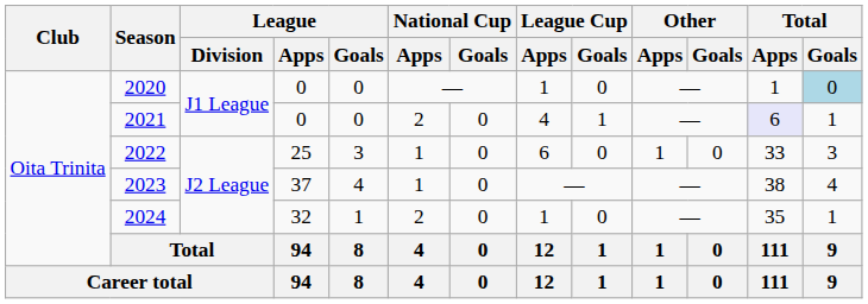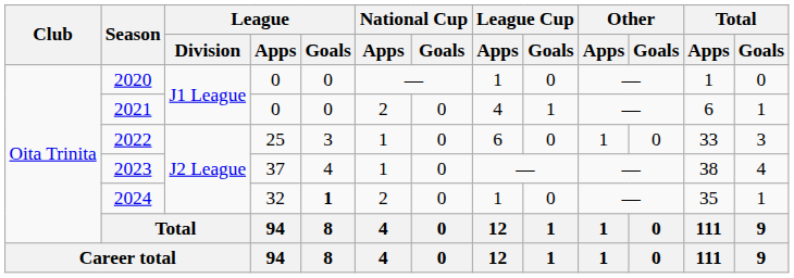 <table class="wikitable" style="text-align: center">
 <tr>
 <th rowspan="2">Club</th>
 <th rowspan="2">Season</th>
 <th colspan="3">League</th>
 <th colspan="2">National Cup</th>
 <th colspan="2">League Cup</th>
 <th colspan="2">Other</th>
 <th colspan="2">Total</th>
 </tr>
 <tr>
 <th>Division</th>
 <th>Apps</th>
 <th>Goals</th>
 <th>Apps</th>
 <th>Goals</th>
 <th>Apps</th>
 <th>Goals</th>
 <th>Apps</th>
 <th>Goals</th>
 <th>Apps</th>
 <th>Goals</th>
 </tr>
 <tr>
 <td rowspan="6"><a href='#'>Oita Trinita</a></td>
 <td><a href='#'>2020</a></td>
 <td rowspan="2"><a href='#'>J1 League</a></td>
 <td>0</td>
 <td>0</td>
 <td colspan="2">—</td>
 <td>1</td>
 <td>0</td>
 <td colspan="2">—</td>
 <td>1</td>
-<td style="background: lightblue;">0</td>
+<td>0</td>
 </tr>
 <tr>
 <td><a href='#'>2021</a></td>
 <td>0</td>
 <td>0</td>
 <td>2</td>
 <td>0</td>
 <td>4</td>
 <td>1</td>
 <td colspan="2">—</td>
-<td style="background: lavender;">6</td>
+<td>6</td>
 <td>1</td>
 </tr>
 <tr>
 <td><a href='#'>2022</a></td>
 <td rowspan="3"><a href='#'>J2 League</a></td>
 <td>25</td>
 <td>3</td>
 <td>1</td>
 <td>0</td>
 <td>6</td>
 <td>0</td>
 <td>1</td>
 <td>0</td>
 <td>33</td>
 <td>3</td>
 </tr>
 <tr>
 <td><a href='#'>2023</a></td>
 <td>37</td>
 <td>4</td>
 <td>1</td>
 <td>0</td>
 <td colspan="2">—</td>
 <td colspan="2">—</td>
 <td>38</td>
 <td>4</td>
 </tr>
 <tr>
 <td><a href='#'>2024</a></td>
 <td>32</td>
-<td>1</td>
+<td><strong>1</strong></td>
 <td>2</td>
 <td>0</td>
 <td>1</td>
 <td>0</td>
 <td colspan="2">—</td>
 <td>35</td>
 <td>1</td>
 </tr>
 <tr>
 <th colspan=2>Total</th>
 <th>94</th>
 <th>8</th>
 <th>4</th>
 <th>0</th>
 <th>12</th>
 <th>1</th>
 <th>1</th>
 <th>0</th>
 <th>111</th>
 <th>9</th>
 </tr>
 <tr>
 <th colspan=3>Career total</th>
 <th>94</th>
 <th>8</th>
 <th>4</th>
 <th>0</th>
 <th>12</th>
 <th>1</th>
 <th>1</th>
 <th>0</th>
 <th>111</th>
 <th>9</th>
 </tr>
 </table>
